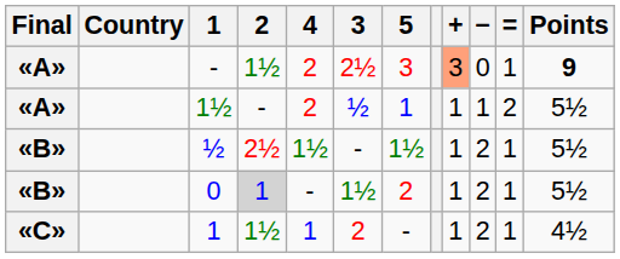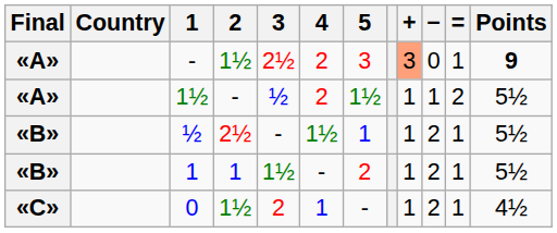 <table class="wikitable" style="text-align:center">
 <tr>
 <th>Final</th>
 <th>Country</th>
 <th>1</th>
 <th>2</th>
+<th>3</th>
 <th>4</th>
-<th>3</th>
 <th>5</th>
 <th></th>
 <th>+</th>
 <th>−</th>
 <th>=</th>
 <th>Points</th>
 </tr>
 <tr>
 <th>«A»</th>
 <td style="text-align: left"></td>
 <td>-</td>
 <td style="color:green;">1½</td>
+<td style="color:red;">2½</td>
 <td style="color:red;">2</td>
-<td style="color:red;">2½</td>
 <td style="color:red;">3</td>
 <th></th>
 <td style="background: lightsalmon;">3</td>
 <td>0</td>
 <td>1</td>
 <td><strong>9</strong></td>
 </tr>
 <tr>
 <th>«A»</th>
 <td style="text-align: left"></td>
 <td style="color:green;">1½</td>
 <td>-</td>
+<td style="color:blue;">½</td>
 <td style="color:red;">2</td>
-<td style="color:blue;">½</td>
-<td style="color:blue;">1</td>
+<td style="color:green;">1½</td>
 <th></th>
 <td>1</td>
 <td>1</td>
 <td>2</td>
 <td>5½</td>
 </tr>
 <tr>
 <th>«B»</th>
 <td style="text-align: left"></td>
 <td style="color:blue;">½</td>
 <td style="color:red;">2½</td>
-<td style="color:green;">1½</td>
 <td>-</td>
 <td style="color:green;">1½</td>
+<td style="color:blue;">1</td>
 <th></th>
 <td>1</td>
 <td>2</td>
 <td>1</td>
 <td>5½</td>
 </tr>
 <tr>
 <th>«B»</th>
 <td style="text-align: left"></td>
-<td style="color:blue;">0</td>
-<td style="background: lightgrey; color:blue;">1</td>
+<td style="color:blue;">1</td>
+<td style="color:blue;">1</td>
+<td style="color:green;">1½</td>
 <td>-</td>
-<td style="color:green;">1½</td>
 <td style="color:red;">2</td>
 <th></th>
 <td>1</td>
 <td>2</td>
 <td>1</td>
 <td>5½</td>
 </tr>
 <tr>
 <th>«C»</th>
 <td style="text-align: left"></td>
+<td style="color:blue;">0</td>
+<td style="color:green;">1½</td>
+<td style="color:red;">2</td>
 <td style="color:blue;">1</td>
-<td style="color:green;">1½</td>
-<td style="color:blue;">1</td>
-<td style="color:red;">2</td>
 <td>-</td>
 <th></th>
 <td>1</td>
 <td>2</td>
 <td>1</td>
 <td>4½</td>
 </tr>
 </table>
